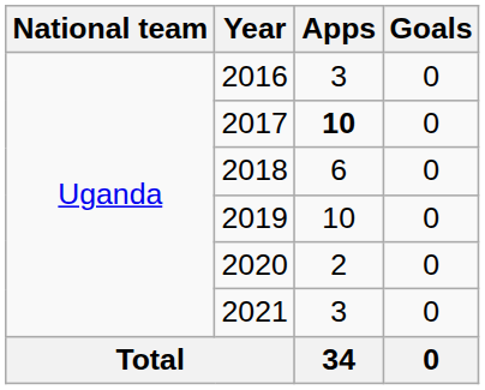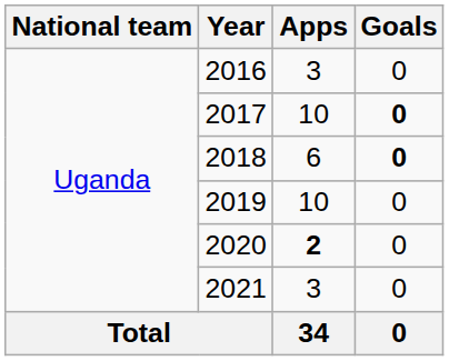 <table class="wikitable" style="text-align:center">
 <tr>
 <th>National team</th>
 <th>Year</th>
 <th>Apps</th>
 <th>Goals</th>
 </tr>
 <tr>
 <td rowspan="6"><a href='#'>Uganda</a></td>
 <td>2016</td>
 <td>3</td>
 <td>0</td>
 </tr>
 <tr>
 <td>2017</td>
-<td><strong>10</strong></td>
-<td>0</td>
+<td>10</td>
+<td><strong>0</strong></td>
 </tr>
 <tr>
 <td>2018</td>
 <td>6</td>
-<td>0</td>
+<td><strong>0</strong></td>
 </tr>
 <tr>
 <td>2019</td>
 <td>10</td>
 <td>0</td>
 </tr>
 <tr>
 <td>2020</td>
-<td>2</td>
+<td><strong>2</strong></td>
 <td>0</td>
 </tr>
 <tr>
 <td>2021</td>
 <td>3</td>
 <td>0</td>
 </tr>
 <tr>
 <th colspan="2">Total</th>
 <th>34</th>
 <th>0</th>
 </tr>
 </table>
